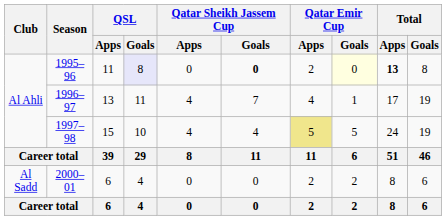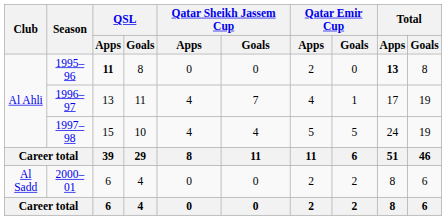 <table class="wikitable" style="text-align: center">
 <tr>
 <th rowspan="2">Club</th>
 <th rowspan="2">Season</th>
 <th colspan="2"><a href='#'>QSL</a></th>
 <th colspan="2"><a href='#'>Qatar Sheikh Jassem Cup</a></th>
 <th colspan="2"><a href='#'>Qatar Emir Cup</a></th>
 <th colspan="3">Total</th>
 </tr>
 <tr>
 <th>Apps</th>
 <th>Goals</th>
 <th>Apps</th>
 <th>Goals</th>
 <th>Apps</th>
 <th>Goals</th>
 <th>Apps</th>
 <th>Goals</th>
 </tr>
 <tr>
 <td rowspan="3"><a href='#'>Al Ahli</a></td>
 <td><a href='#'>1995–96</a></td>
-<td>11</td>
-<td style="background: lavender;">8</td>
+<td><strong>11</strong></td>
+<td>8</td>
 <td>0</td>
-<td><strong>0</strong></td>
+<td>0</td>
 <td>2</td>
-<td style="background: lightyellow;">0</td>
+<td>0</td>
 <td><strong>13</strong></td>
 <td>8</td>
 </tr>
 <tr>
 <td><a href='#'>1996–97</a></td>
 <td>13</td>
 <td>11</td>
 <td>4</td>
 <td>7</td>
 <td>4</td>
 <td>1</td>
 <td>17</td>
 <td>19</td>
 </tr>
 <tr>
 <td><a href='#'>1997–98</a></td>
 <td>15</td>
 <td>10</td>
 <td>4</td>
 <td>4</td>
-<td style="background: khaki;">5</td>
+<td>5</td>
 <td>5</td>
 <td>24</td>
 <td>19</td>
 </tr>
 <tr>
 <th colspan="2">Career total</th>
 <th>39</th>
 <th>29</th>
 <th>8</th>
 <th>11</th>
 <th>11</th>
 <th>6</th>
 <th>51</th>
 <th>46</th>
 </tr>
 <tr>
 <td rowspan="1"><a href='#'>Al Sadd</a></td>
 <td><a href='#'>2000–01</a></td>
 <td>6</td>
 <td>4</td>
 <td>0</td>
 <td>0</td>
 <td>2</td>
 <td>2</td>
 <td>8</td>
 <td>6</td>
 </tr>
 <tr>
 <th colspan="2">Career total</th>
 <th>6</th>
 <th>4</th>
 <th>0</th>
 <th>0</th>
 <th>2</th>
 <th>2</th>
 <th>8</th>
 <th>6</th>
 </tr>
 </table>
